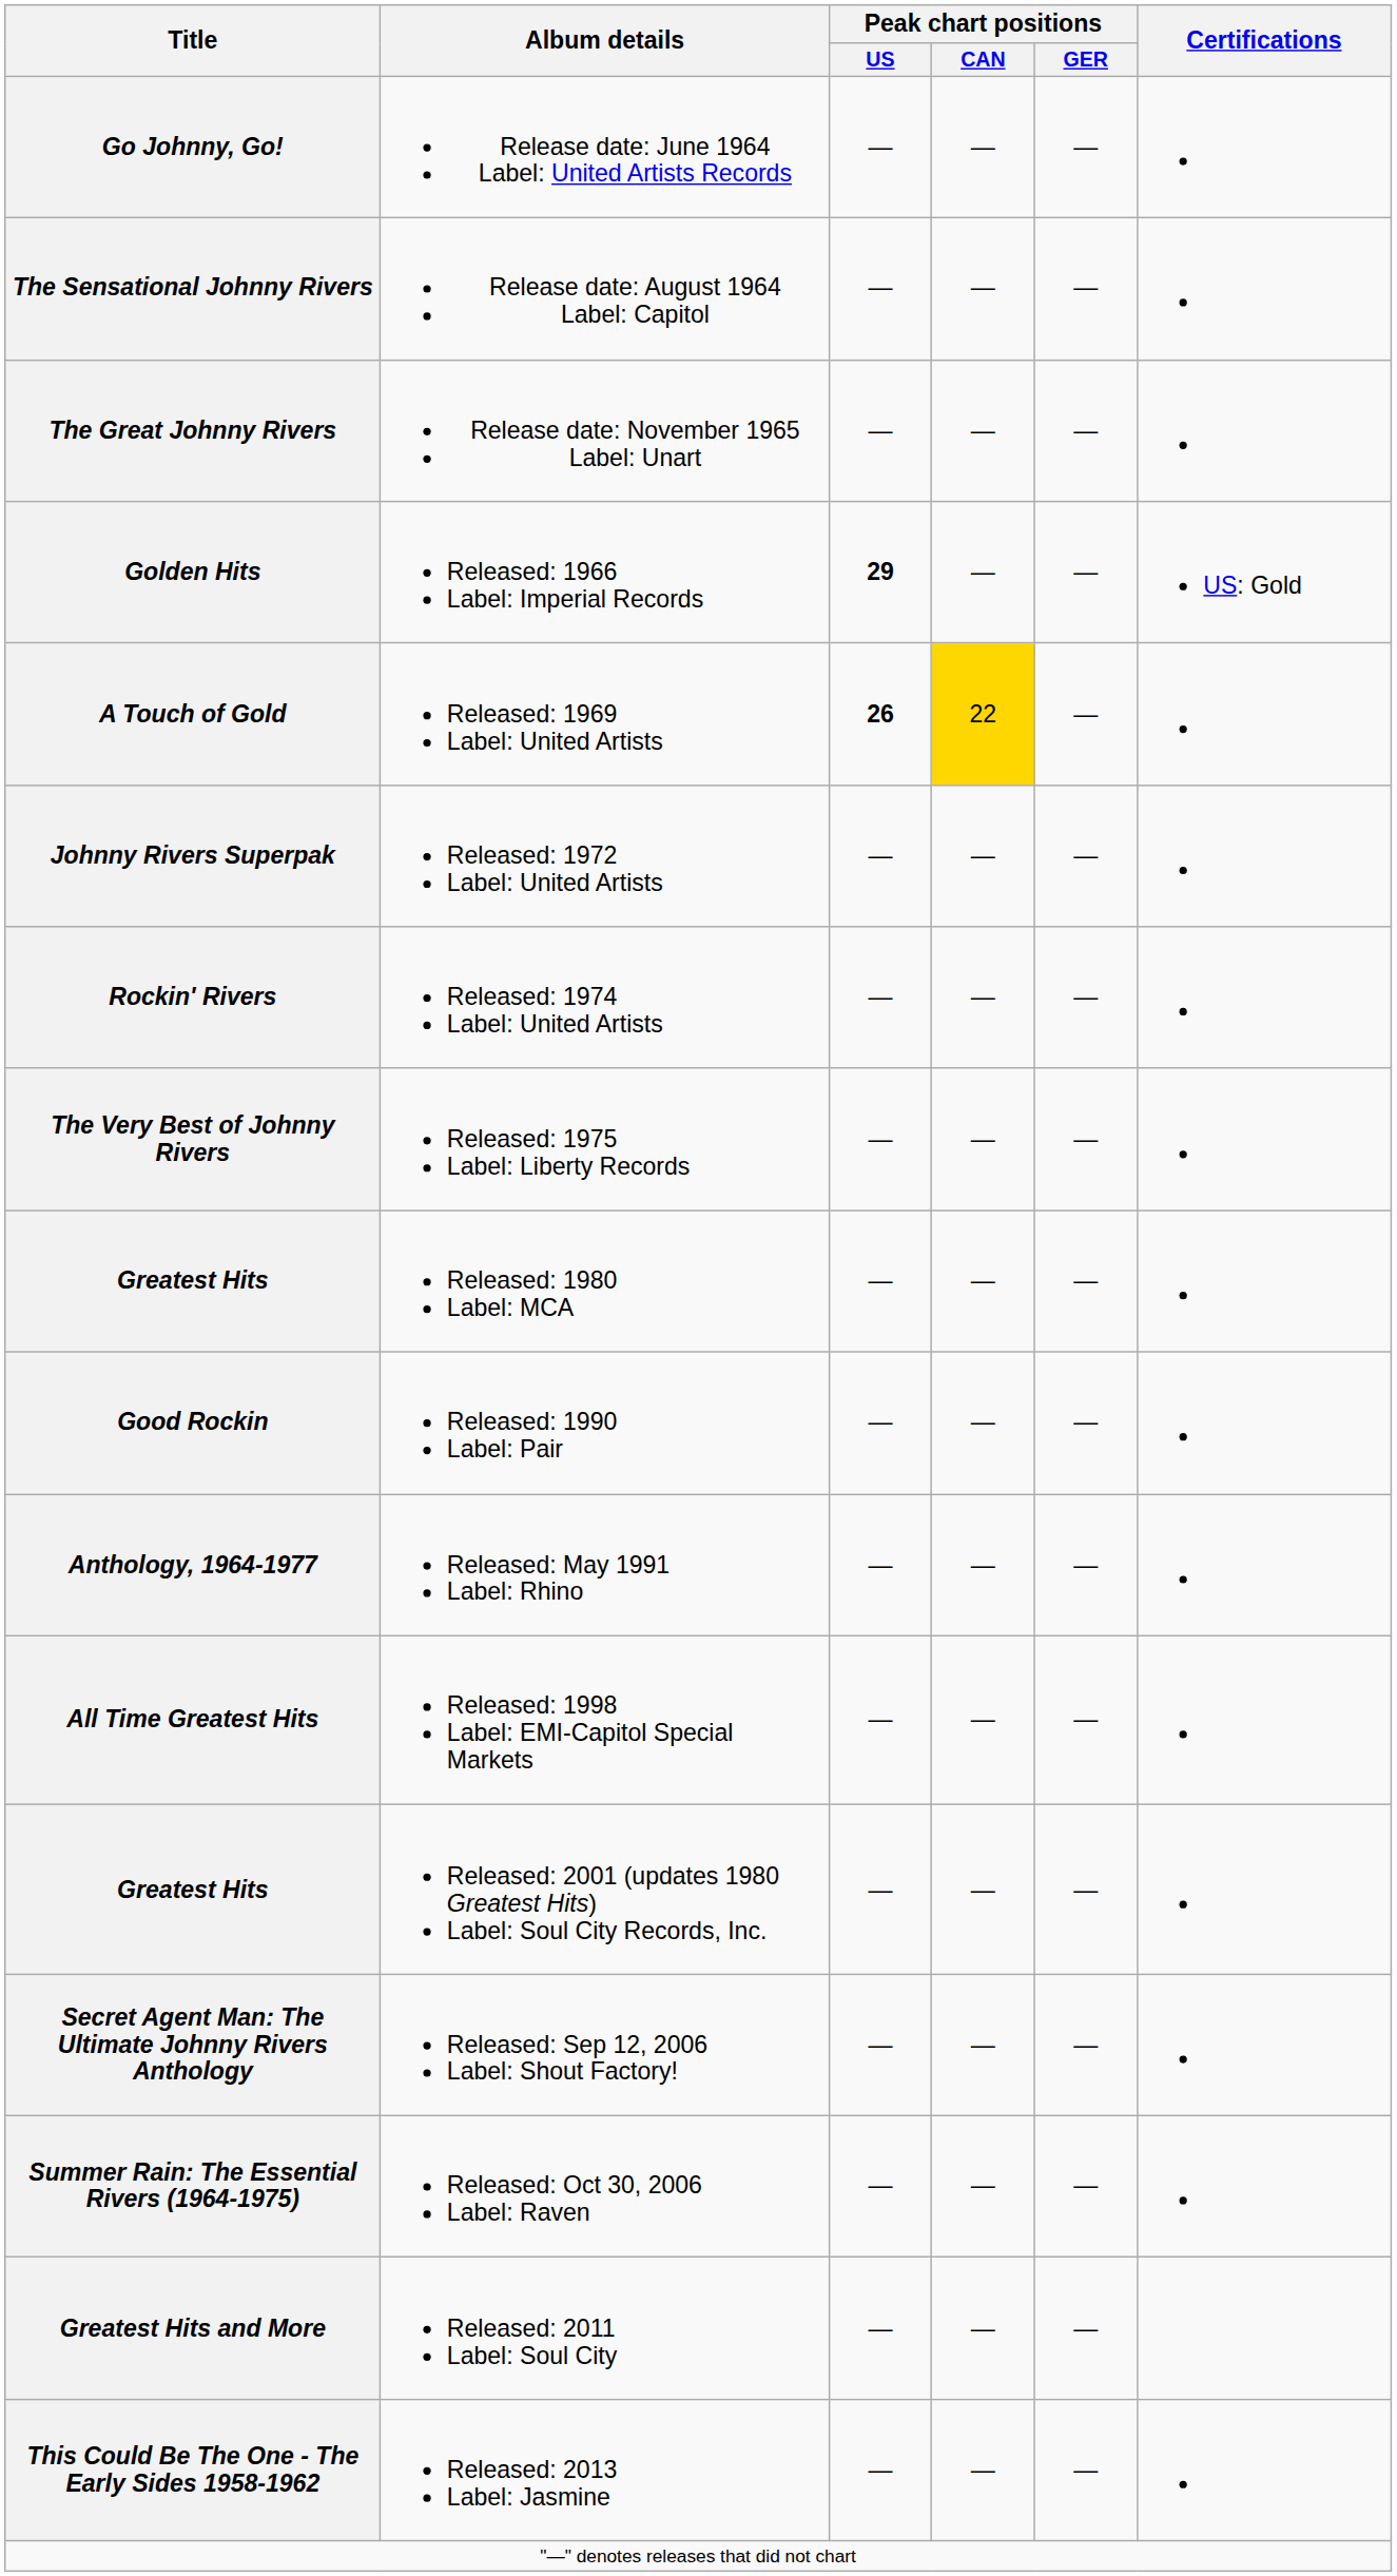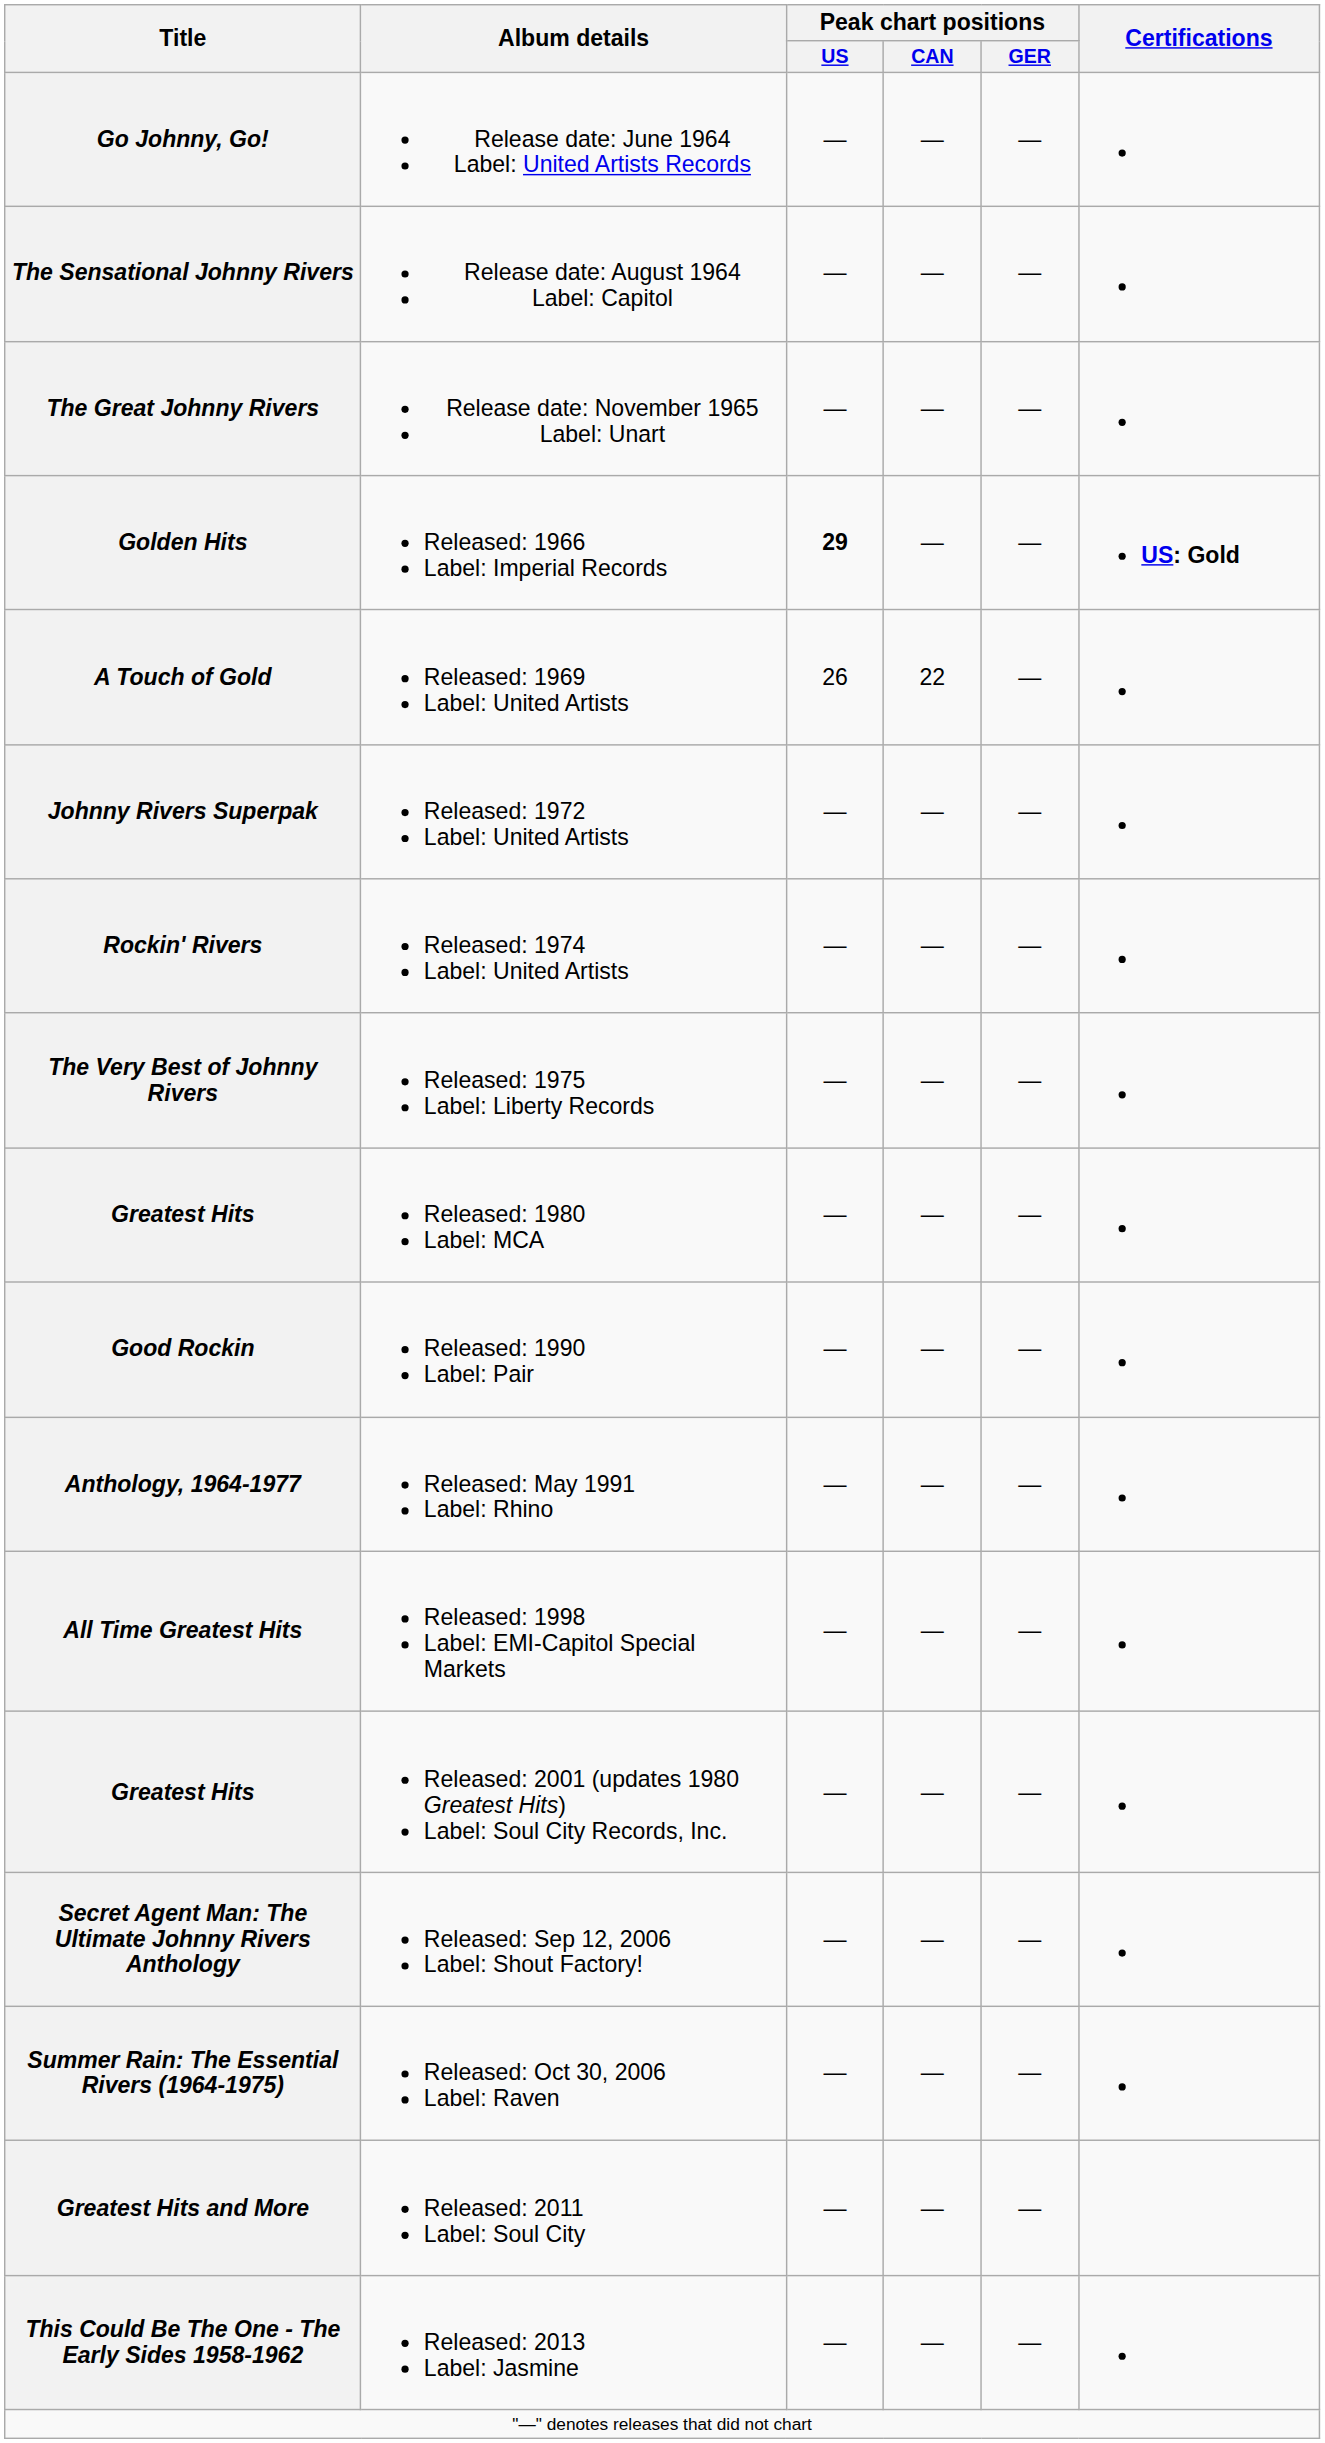 <table class="wikitable plainrowheaders" style="text-align:center;">
 <tr>
 <th scope="col" rowspan="2" style="width:15em;">Title</th>
 <th scope="col" rowspan="2" style="width:18em;">Album details</th>
 <th scope="col" colspan="3">Peak chart positions</th>
 <th scope="col" rowspan="2" style="width:10em;"><a href='#'>Certifications</a></th>
 </tr>
 <tr>
 <th scope="col" style="width:4.5em;font-size:85%;"><a href='#'>US</a><br></th>
 <th scope="col" style="width:4.5em;font-size:85%;"><a href='#'>CAN</a><br></th>
 <th scope="col" style="width:4.5em;font-size:85%;"><a href='#'>GER</a><br></th>
 </tr>
 <tr>
 <th scope="row"><em>Go Johnny, Go!</em></th>
 <td><br><ul><li>Release date: June 1964</li><li>Label: <a href='#'>United Artists Records</a></li></ul></td>
 <td>—</td>
 <td>—</td>
 <td>—</td>
 <td style="text-align:left;"><br><ul><li></li></ul></td>
 </tr>
 <tr>
 <th scope="row"><em>The Sensational Johnny Rivers</em></th>
 <td><br><ul><li>Release date: August 1964</li><li>Label: Capitol</li></ul></td>
 <td>—</td>
 <td>—</td>
 <td>—</td>
 <td style="text-align:left;"><br><ul><li></li></ul></td>
 </tr>
 <tr>
 <th scope="row"><em>The Great Johnny Rivers</em></th>
 <td><br><ul><li>Release date: November 1965</li><li>Label: Unart</li></ul></td>
 <td>—</td>
 <td>—</td>
 <td>—</td>
 <td style="text-align:left;"><br><ul><li></li></ul></td>
 </tr>
 <tr>
 <th scope="row"><em>Golden Hits</em></th>
 <td style="text-align:left;"><br><ul><li>Released: 1966</li><li>Label: Imperial Records</li></ul></td>
 <td><strong>29</strong></td>
 <td>—</td>
 <td>—</td>
-<td style="text-align:left;"><br><ul><li><a href='#'>US</a>: Gold</li></ul></td>
+<td style="text-align:left;"><strong><br><ul><li><a href='#'>US</a>: Gold</li></ul></strong></td>
 </tr>
 <tr>
 <th scope="row"><em>A Touch of Gold</em></th>
 <td style="text-align:left;"><br><ul><li>Released: 1969</li><li>Label: United Artists</li></ul></td>
-<td><strong>26</strong></td>
-<td style="background: gold;">22</td>
+<td>26</td>
+<td>22</td>
 <td>—</td>
 <td style="text-align:left;"><br><ul><li></li></ul></td>
 </tr>
 <tr>
 <th scope="row"><em>Johnny Rivers Superpak</em></th>
 <td style="text-align:left;"><br><ul><li>Released: 1972</li><li>Label: United Artists</li></ul></td>
 <td>—</td>
 <td>—</td>
 <td>—</td>
 <td style="text-align:left;"><br><ul><li></li></ul></td>
 </tr>
 <tr>
 <th scope="row"><em>Rockin' Rivers</em></th>
 <td style="text-align:left;"><br><ul><li>Released: 1974</li><li>Label: United Artists</li></ul></td>
 <td>—</td>
 <td>—</td>
 <td>—</td>
 <td style="text-align:left;"><br><ul><li></li></ul></td>
 </tr>
 <tr>
 <th scope="row"><em>The Very Best of Johnny Rivers</em></th>
 <td style="text-align:left;"><br><ul><li>Released: 1975</li><li>Label: Liberty Records</li></ul></td>
 <td>—</td>
 <td>—</td>
 <td>—</td>
 <td style="text-align:left;"><br><ul><li></li></ul></td>
 </tr>
 <tr>
 <th scope="row"><em>Greatest Hits</em></th>
 <td style="text-align:left;"><br><ul><li>Released: 1980</li><li>Label: MCA</li></ul></td>
 <td>—</td>
 <td>—</td>
 <td>—</td>
 <td style="text-align:left;"><br><ul><li></li></ul></td>
 </tr>
 <tr>
 <th scope="row"><em>Good Rockin</em></th>
 <td style="text-align:left;"><br><ul><li>Released: 1990</li><li>Label: Pair</li></ul></td>
 <td>—</td>
 <td>—</td>
 <td>—</td>
 <td style="text-align:left;"><br><ul><li></li></ul></td>
 </tr>
 <tr>
 <th scope="row"><em>Anthology, 1964-1977</em></th>
 <td style="text-align:left;"><br><ul><li>Released: May 1991</li><li>Label: Rhino</li></ul></td>
 <td>—</td>
 <td>—</td>
 <td>—</td>
 <td style="text-align:left;"><br><ul><li></li></ul></td>
 </tr>
 <tr>
 <th scope="row"><em>All Time Greatest Hits</em></th>
 <td style="text-align:left;"><br><ul><li>Released: 1998</li><li>Label: EMI-Capitol Special Markets</li></ul></td>
 <td>—</td>
 <td>—</td>
 <td>—</td>
 <td style="text-align:left;"><br><ul><li></li></ul></td>
 </tr>
 <tr>
 <th scope="row"><em>Greatest Hits</em></th>
 <td style="text-align:left;"><br><ul><li>Released: 2001 (updates 1980 <em>Greatest Hits</em>)</li><li>Label: Soul City Records, Inc.</li></ul></td>
 <td>—</td>
 <td>—</td>
 <td>—</td>
 <td style="text-align:left;"><br><ul><li></li></ul></td>
 </tr>
 <tr>
 <th scope="row"><em>Secret Agent Man: The Ultimate Johnny Rivers Anthology</em></th>
 <td style="text-align:left;"><br><ul><li>Released: Sep 12, 2006</li><li>Label: Shout Factory!</li></ul></td>
 <td>—</td>
 <td>—</td>
 <td>—</td>
 <td style="text-align:left;"><br><ul><li></li></ul></td>
 </tr>
 <tr>
 <th scope="row"><em>Summer Rain: The Essential Rivers (1964-1975)</em></th>
 <td style="text-align:left;"><br><ul><li>Released: Oct 30, 2006</li><li>Label: Raven</li></ul></td>
 <td>—</td>
 <td>—</td>
 <td>—</td>
 <td style="text-align:left;"><br><ul><li></li></ul></td>
 </tr>
 <tr>
 <th scope="row"><em>Greatest Hits and More</em></th>
 <td style="text-align:left;"><br><ul><li>Released: 2011</li><li>Label: Soul City</li></ul></td>
 <td>—</td>
 <td>—</td>
 <td>—</td>
 <td style="text-align:left;"></td>
 </tr>
 <tr>
 <th scope="row"><em>This Could Be The One - The Early Sides 1958-1962</em></th>
 <td style="text-align:left;"><br><ul><li>Released: 2013</li><li>Label: Jasmine</li></ul></td>
 <td>—</td>
 <td>—</td>
 <td>—</td>
 <td style="text-align:left;"><br><ul><li></li></ul></td>
 </tr>
 <tr>
 <td colspan="8" style="font-size:9pt">"—" denotes releases that did not chart</td>
 </tr>
 </table>
